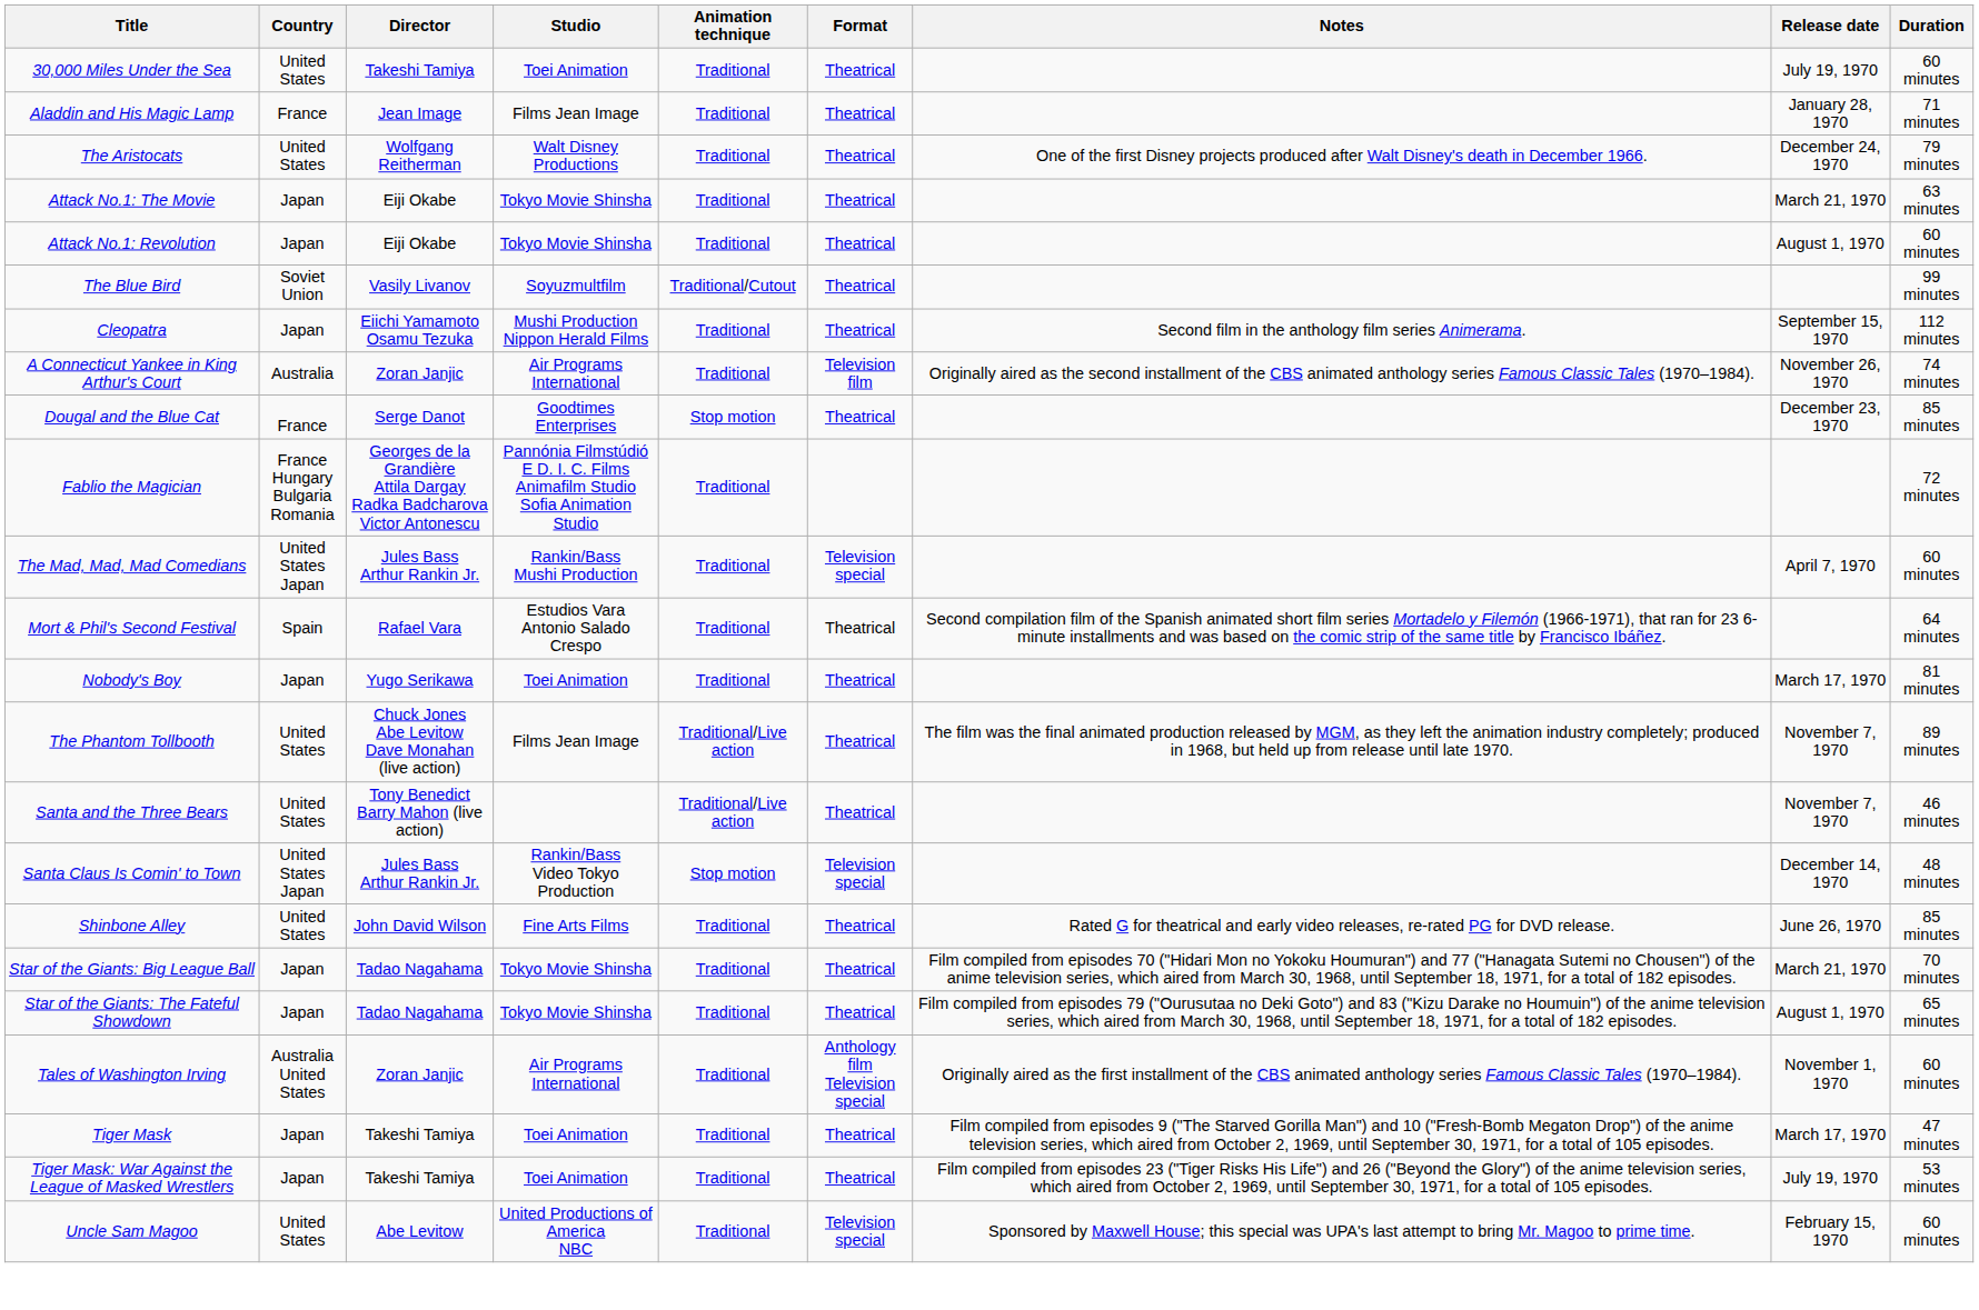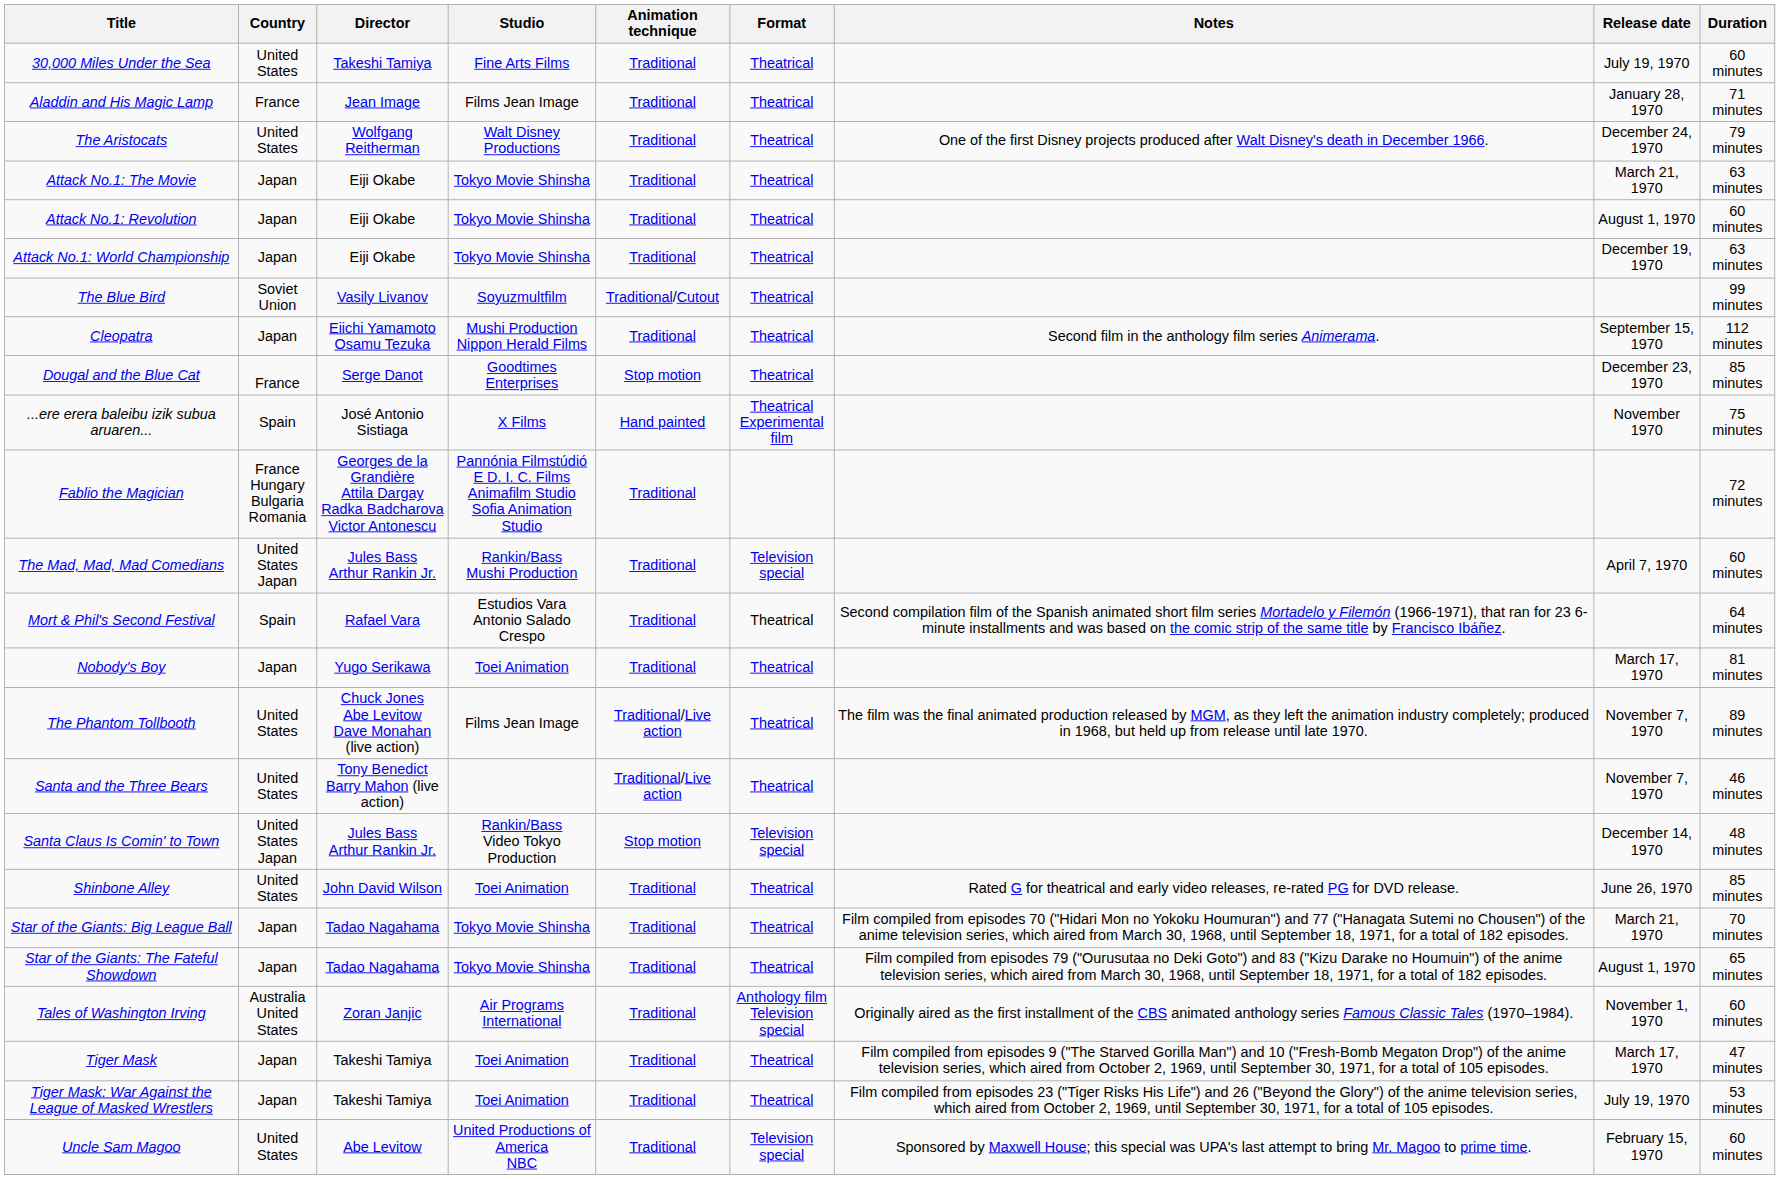 <table class="wikitable sortable" style="text-align:center; margin=auto; ">
 <tr>
 <th scope="col">Title</th>
 <th scope="col">Country</th>
 <th scope="col">Director</th>
 <th scope="col">Studio</th>
 <th scope="col">Animation technique</th>
 <th scope="col">Format</th>
 <th>Notes</th>
 <th>Release date</th>
 <th>Duration</th>
 </tr>
 <tr>
 <td><em><a href='#'>30,000 Miles Under the Sea</a></em> <br> </td>
 <td>United States</td>
 <td><a href='#'>Takeshi Tamiya</a></td>
-<td><a href='#'>Toei Animation</a></td>
+<td><a href='#'>Fine Arts Films</a></td>
 <td><a href='#'>Traditional</a></td>
 <td><a href='#'>Theatrical</a></td>
 <td></td>
 <td>July 19, 1970</td>
 <td>60 minutes</td>
 </tr>
 <tr>
 <td><em><a href='#'>Aladdin and His Magic Lamp</a></em> <br> </td>
 <td>France</td>
 <td><a href='#'>Jean Image</a></td>
 <td>Films Jean Image</td>
 <td><a href='#'>Traditional</a></td>
 <td><a href='#'>Theatrical</a></td>
 <td></td>
 <td>January 28, 1970</td>
 <td>71 minutes</td>
 </tr>
 <tr>
 <td><em><a href='#'>The Aristocats</a></em></td>
 <td>United States</td>
 <td><a href='#'>Wolfgang Reitherman</a></td>
 <td><a href='#'>Walt Disney Productions</a></td>
 <td><a href='#'>Traditional</a></td>
 <td><a href='#'>Theatrical</a></td>
 <td>One of the first Disney projects produced after <a href='#'>Walt Disney's death in December 1966</a>.</td>
 <td>December 24, 1970</td>
 <td>79 minutes</td>
 </tr>
 <tr>
 <td><em><a href='#'>Attack No.1: The Movie</a></em> <br> </td>
 <td>Japan</td>
 <td>Eiji Okabe</td>
 <td><a href='#'>Tokyo Movie Shinsha</a></td>
 <td><a href='#'>Traditional</a></td>
 <td><a href='#'>Theatrical</a></td>
 <td></td>
 <td>March 21, 1970</td>
 <td>63 minutes</td>
 </tr>
 <tr>
 <td><em><a href='#'>Attack No.1: Revolution</a></em> <br> </td>
 <td>Japan</td>
 <td>Eiji Okabe</td>
 <td><a href='#'>Tokyo Movie Shinsha</a></td>
 <td><a href='#'>Traditional</a></td>
 <td><a href='#'>Theatrical</a></td>
 <td></td>
 <td>August 1, 1970</td>
 <td>60 minutes</td>
 </tr>
 <tr>
+<td><em><a href='#'>Attack No.1: World Championship</a></em> <br> </td>
+<td>Japan</td>
+<td>Eiji Okabe</td>
+<td><a href='#'>Tokyo Movie Shinsha</a></td>
+<td><a href='#'>Traditional</a></td>
+<td><a href='#'>Theatrical</a></td>
+<td></td>
+<td>December 19, 1970</td>
+<td>63 minutes</td>
+</tr>
+<tr>
 <td><em><a href='#'>The Blue Bird</a></em> <br> </td>
 <td>Soviet Union</td>
 <td><a href='#'>Vasily Livanov</a></td>
 <td><a href='#'>Soyuzmultfilm</a></td>
 <td><a href='#'>Traditional</a>/<a href='#'>Cutout</a></td>
 <td><a href='#'>Theatrical</a></td>
 <td></td>
 <td></td>
 <td>99 minutes</td>
 </tr>
 <tr>
 <td><em><a href='#'>Cleopatra</a></em> <br> </td>
 <td>Japan</td>
 <td><a href='#'>Eiichi Yamamoto</a> <br> <a href='#'>Osamu Tezuka</a></td>
 <td><a href='#'>Mushi Production</a> <br> <a href='#'>Nippon Herald Films</a></td>
 <td><a href='#'>Traditional</a></td>
 <td><a href='#'>Theatrical</a></td>
 <td>Second film in the anthology film series <em><a href='#'>Animerama</a></em>.</td>
 <td>September 15, 1970</td>
 <td>112 minutes</td>
 </tr>
 <tr>
-<td><em><a href='#'>A Connecticut Yankee in King Arthur's Court</a></em></td>
-<td>Australia</td>
-<td><a href='#'>Zoran Janjic</a></td>
-<td><a href='#'>Air Programs International</a></td>
-<td><a href='#'>Traditional</a></td>
-<td><a href='#'>Television film</a></td>
-<td>Originally aired as the second installment of the <a href='#'>CBS</a> animated anthology series <em><a href='#'>Famous Classic Tales</a></em> (1970–1984).</td>
-<td>November 26, 1970</td>
-<td>74 minutes</td>
-</tr>
-<tr>
 <td><em><a href='#'>Dougal and the Blue Cat</a></em> <br> </td>
 <td> <br> France</td>
 <td><a href='#'>Serge Danot</a></td>
 <td><a href='#'>Goodtimes Enterprises</a></td>
 <td><a href='#'>Stop motion</a></td>
 <td><a href='#'>Theatrical</a></td>
 <td></td>
 <td>December 23, 1970</td>
 <td>85 minutes</td>
+</tr>
+<tr>
+<td><em>...ere erera baleibu izik subua aruaren...</em></td>
+<td>Spain</td>
+<td>José Antonio Sistiaga</td>
+<td><a href='#'>X Films</a></td>
+<td><a href='#'>Hand painted</a></td>
+<td><a href='#'>Theatrical</a> <br> <a href='#'>Experimental film</a></td>
+<td></td>
+<td>November 1970</td>
+<td>75 minutes</td>
 </tr>
 <tr>
 <td><em><a href='#'>Fablio the Magician</a></em> <br> </td>
 <td>France <br> Hungary <br> Bulgaria <br> Romania</td>
 <td><a href='#'>Georges de la Grandière</a> <br> <a href='#'>Attila Dargay</a> <br> <a href='#'>Radka Badcharova</a> <br> <a href='#'>Victor Antonescu</a></td>
 <td><a href='#'>Pannónia Filmstúdió </a><br> <a href='#'>E D. I. C. Films </a><br>  <a href='#'>Animafilm Studio </a><br>  <a href='#'>Sofia Animation Studio </a></td>
 <td><a href='#'>Traditional</a></td>
 <td></td>
 <td></td>
 <td></td>
 <td>72 minutes</td>
 </tr>
 <tr>
 <td><em><a href='#'>The Mad, Mad, Mad Comedians</a></em></td>
 <td>United States <br> Japan</td>
 <td><a href='#'>Jules Bass</a> <br> <a href='#'>Arthur Rankin Jr.</a></td>
 <td><a href='#'>Rankin/Bass</a> <br> <a href='#'>Mushi Production</a></td>
 <td><a href='#'>Traditional</a></td>
 <td><a href='#'>Television special</a></td>
 <td></td>
 <td>April 7, 1970</td>
 <td>60 minutes</td>
 </tr>
 <tr>
 <td><em><a href='#'>Mort & Phil's Second Festival</a></em> <br> </td>
 <td>Spain</td>
 <td><a href='#'>Rafael Vara</a></td>
 <td>Estudios Vara <br> Antonio Salado Crespo </td>
 <td><a href='#'>Traditional</a></td>
 <td>Theatrical</td>
 <td>Second compilation film of the Spanish animated short film series <em><a href='#'>Mortadelo y Filemón</a></em> (1966-1971), that ran for 23 6-minute installments and was based on <a href='#'>the comic strip of the same title</a> by <a href='#'>Francisco Ibáñez</a>.</td>
 <td></td>
 <td>64 minutes</td>
 </tr>
 <tr>
 <td><em><a href='#'>Nobody's Boy</a></em> <br> </td>
 <td>Japan</td>
 <td><a href='#'>Yugo Serikawa</a></td>
 <td><a href='#'>Toei Animation</a></td>
 <td><a href='#'>Traditional</a></td>
 <td><a href='#'>Theatrical</a></td>
 <td></td>
 <td>March 17, 1970</td>
 <td>81 minutes</td>
 </tr>
 <tr>
 <td><em><a href='#'>The Phantom Tollbooth</a></em></td>
 <td>United States</td>
 <td><a href='#'>Chuck Jones</a> <br> <a href='#'>Abe Levitow</a> <br> <a href='#'>Dave Monahan</a> (live action)</td>
 <td>Films Jean Image</td>
 <td><a href='#'>Traditional</a>/<a href='#'>Live action</a></td>
 <td><a href='#'>Theatrical</a></td>
 <td>The film was the final animated production released by <a href='#'>MGM</a>, as they left the animation industry completely; produced in 1968, but held up from release until late 1970.</td>
 <td>November 7, 1970</td>
 <td>89 minutes</td>
 </tr>
 <tr>
 <td><em><a href='#'>Santa and the Three Bears</a></em></td>
 <td>United States</td>
 <td><a href='#'>Tony Benedict</a> <br> <a href='#'>Barry Mahon</a> (live action)</td>
 <td></td>
 <td><a href='#'>Traditional</a>/<a href='#'>Live action</a></td>
 <td><a href='#'>Theatrical</a></td>
 <td></td>
 <td>November 7, 1970</td>
 <td>46 minutes</td>
 </tr>
 <tr>
 <td><em><a href='#'>Santa Claus Is Comin' to Town</a></em></td>
 <td>United States <br> Japan</td>
 <td><a href='#'>Jules Bass</a> <br> <a href='#'>Arthur Rankin Jr.</a></td>
 <td><a href='#'>Rankin/Bass</a> <br> Video Tokyo Production</td>
 <td><a href='#'>Stop motion</a></td>
 <td><a href='#'>Television special</a></td>
 <td></td>
 <td>December 14, 1970</td>
 <td>48 minutes</td>
 </tr>
 <tr>
 <td><em><a href='#'>Shinbone Alley</a></em></td>
 <td>United States</td>
 <td><a href='#'>John David Wilson</a></td>
-<td><a href='#'>Fine Arts Films</a></td>
+<td><a href='#'>Toei Animation</a></td>
 <td><a href='#'>Traditional</a></td>
 <td><a href='#'>Theatrical</a></td>
 <td>Rated <a href='#'>G</a> for theatrical and early video releases, re-rated <a href='#'>PG</a> for DVD release.</td>
 <td>June 26, 1970</td>
 <td>85 minutes</td>
 </tr>
 <tr>
 <td><em><a href='#'>Star of the Giants: Big League Ball</a></em> <br> </td>
 <td>Japan</td>
 <td><a href='#'>Tadao Nagahama</a></td>
 <td><a href='#'>Tokyo Movie Shinsha</a></td>
 <td><a href='#'>Traditional</a></td>
 <td><a href='#'>Theatrical</a></td>
 <td>Film compiled from episodes 70 ("Hidari Mon no Yokoku Houmuran") and 77 ("Hanagata Sutemi no Chousen") of the anime television series, which aired from March 30, 1968, until September 18, 1971, for a total of 182 episodes.</td>
 <td>March 21, 1970</td>
 <td>70 minutes</td>
 </tr>
 <tr>
 <td><em><a href='#'>Star of the Giants: The Fateful Showdown</a></em> <br> </td>
 <td>Japan</td>
 <td><a href='#'>Tadao Nagahama</a></td>
 <td><a href='#'>Tokyo Movie Shinsha</a></td>
 <td><a href='#'>Traditional</a></td>
 <td><a href='#'>Theatrical</a></td>
 <td>Film compiled from episodes 79 ("Ourusutaa no Deki Goto") and 83 ("Kizu Darake no Houmuin") of the anime television series, which aired from March 30, 1968, until September 18, 1971, for a total of 182 episodes.</td>
 <td>August 1, 1970</td>
 <td>65 minutes</td>
 </tr>
 <tr>
 <td><em><a href='#'>Tales of Washington Irving</a></em></td>
 <td>Australia <br> United States</td>
 <td><a href='#'>Zoran Janjic</a></td>
 <td><a href='#'>Air Programs International</a></td>
 <td><a href='#'>Traditional</a></td>
 <td><a href='#'>Anthology film</a> <br> <a href='#'>Television special</a></td>
 <td>Originally aired as the first installment of the <a href='#'>CBS</a> animated anthology series <em><a href='#'>Famous Classic Tales</a></em> (1970–1984).</td>
 <td>November 1, 1970</td>
 <td>60 minutes</td>
 </tr>
 <tr>
 <td><em><a href='#'>Tiger Mask</a></em> <br> </td>
 <td>Japan</td>
 <td>Takeshi Tamiya</td>
 <td><a href='#'>Toei Animation</a></td>
 <td><a href='#'>Traditional</a></td>
 <td><a href='#'>Theatrical</a></td>
 <td>Film compiled from episodes 9 ("The Starved Gorilla Man") and 10 ("Fresh-Bomb Megaton Drop") of the anime television series, which aired from October 2, 1969, until September 30, 1971, for a total of 105 episodes.</td>
 <td>March 17, 1970</td>
 <td>47 minutes</td>
 </tr>
 <tr>
 <td><em><a href='#'>Tiger Mask: War Against the League of Masked Wrestlers</a></em> <br> </td>
 <td>Japan</td>
 <td>Takeshi Tamiya</td>
 <td><a href='#'>Toei Animation</a></td>
 <td><a href='#'>Traditional</a></td>
 <td><a href='#'>Theatrical</a></td>
 <td>Film compiled from episodes 23 ("Tiger Risks His Life") and 26 ("Beyond the Glory") of the anime television series, which aired from October 2, 1969, until September 30, 1971, for a total of 105 episodes.</td>
 <td>July 19, 1970</td>
 <td>53 minutes</td>
 </tr>
 <tr>
 <td><em><a href='#'>Uncle Sam Magoo</a></em></td>
 <td>United States</td>
 <td><a href='#'>Abe Levitow</a></td>
 <td><a href='#'>United Productions of America</a> <br> <a href='#'>NBC</a></td>
 <td><a href='#'>Traditional</a></td>
 <td><a href='#'>Television special</a></td>
 <td>Sponsored by <a href='#'>Maxwell House</a>; this special was UPA's last attempt to bring <a href='#'>Mr. Magoo</a> to <a href='#'>prime time</a>.</td>
 <td>February 15, 1970</td>
 <td>60 minutes</td>
 </tr>
 </table>
